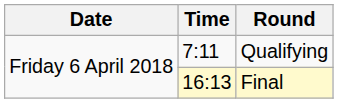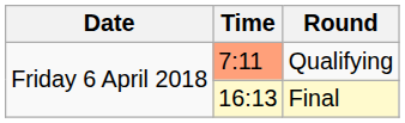 <table class="wikitable">
 <tr>
 <th>Date</th>
 <th>Time</th>
 <th>Round</th>
 </tr>
 <tr>
 <td rowspan=2>Friday 6 April 2018</td>
-<td>7:11</td>
+<td style="background: lightsalmon;">7:11</td>
 <td>Qualifying</td>
 </tr>
 <tr>
 <td style=background:lemonchiffon>16:13</td>
 <td style=background:lemonchiffon>Final</td>
 </tr>
 </table>
